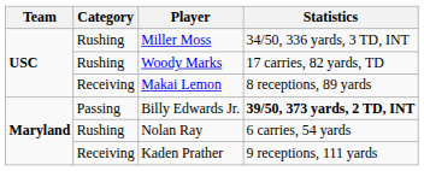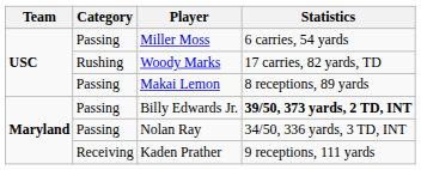 <table class="wikitable" style="float: right;">
 <tr>
 <th>Team</th>
 <th>Category</th>
 <th>Player</th>
 <th>Statistics</th>
 </tr>
 <tr>
 <td rowspan=3><strong>USC</strong></td>
-<td>Rushing</td>
+<td>Passing</td>
 <td><a href='#'>Miller Moss</a></td>
-<td>34/50, 336 yards, 3 TD, INT</td>
+<td>6 carries, 54 yards</td>
 </tr>
 <tr>
 <td>Rushing</td>
 <td><a href='#'>Woody Marks</a></td>
 <td>17 carries, 82 yards, TD</td>
 </tr>
 <tr>
-<td>Receiving</td>
+<td>Passing</td>
 <td><a href='#'>Makai Lemon</a></td>
 <td>8 receptions, 89 yards</td>
 </tr>
 <tr>
 <td rowspan=3><strong>Maryland</strong></td>
 <td>Passing</td>
 <td>Billy Edwards Jr.</td>
 <td><strong>39/50, 373 yards, 2 TD, INT</strong></td>
 </tr>
 <tr>
-<td>Rushing</td>
+<td>Passing</td>
 <td>Nolan Ray</td>
-<td>6 carries, 54 yards</td>
+<td>34/50, 336 yards, 3 TD, INT</td>
 </tr>
 <tr>
 <td>Receiving</td>
 <td>Kaden Prather</td>
 <td>9 receptions, 111 yards</td>
 </tr>
 </table>
